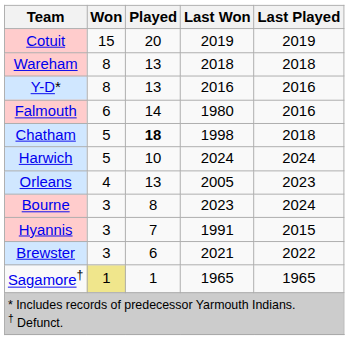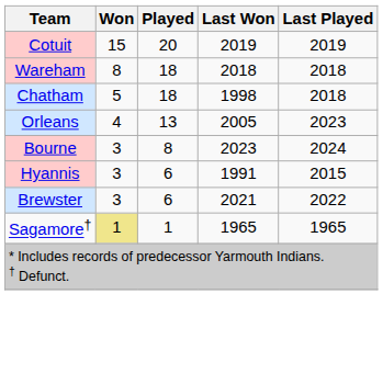 <table class="wikitable sortable" style="display: inline-table; margin-right: 20px; text-align:center">
 <tr>
 <th>Team</th>
 <th>Won</th>
 <th>Played</th>
 <th>Last Won</th>
 <th>Last Played</th>
 </tr>
 <tr>
 <td bgcolor=#ffcccc><a href='#'>Cotuit</a></td>
 <td>15</td>
 <td>20</td>
 <td>2019</td>
 <td>2019</td>
 </tr>
 <tr>
 <td bgcolor=#ffcccc><a href='#'>Wareham</a></td>
 <td>8</td>
-<td>13</td>
+<td>18</td>
 <td>2018</td>
 <td>2018</td>
 </tr>
 <tr>
-<td bgcolor=#D0E7FF><a href='#'>Y-D</a>*</td>
-<td>8</td>
-<td>13</td>
-<td>2016</td>
-<td>2016</td>
-</tr>
-<tr>
-<td bgcolor=#ffcccc><a href='#'>Falmouth</a></td>
-<td>6</td>
-<td>14</td>
-<td>1980</td>
-<td>2016</td>
-</tr>
-<tr>
 <td bgcolor=#D0E7FF><a href='#'>Chatham</a></td>
 <td>5</td>
-<td><strong>18</strong></td>
+<td>18</td>
 <td>1998</td>
 <td>2018</td>
-</tr>
-<tr>
-<td bgcolor=#D0E7FF><a href='#'>Harwich</a></td>
-<td>5</td>
-<td>10</td>
-<td>2024</td>
-<td>2024</td>
 </tr>
 <tr>
 <td bgcolor=#D0E7FF><a href='#'>Orleans</a></td>
 <td>4</td>
 <td>13</td>
 <td>2005</td>
 <td>2023</td>
 </tr>
 <tr>
 <td bgcolor=#ffcccc><a href='#'>Bourne</a></td>
 <td>3</td>
 <td>8</td>
 <td>2023</td>
 <td>2024</td>
 </tr>
 <tr>
 <td bgcolor=#ffcccc><a href='#'>Hyannis</a></td>
 <td>3</td>
-<td>7</td>
+<td>6</td>
 <td>1991</td>
 <td>2015</td>
 </tr>
 <tr>
 <td bgcolor=#D0E7FF><a href='#'>Brewster</a></td>
 <td>3</td>
 <td>6</td>
 <td>2021</td>
 <td>2022</td>
 </tr>
 <tr>
 <td><a href='#'>Sagamore</a><sup>†</sup></td>
 <td style="background: khaki;">1</td>
 <td>1</td>
 <td>1965</td>
 <td>1965</td>
 </tr>
 <tr>
 <td colspan="5" align="left" bgcolor=#cccccc><small>* Includes records of predecessor Yarmouth Indians.<br><sup>†</sup> Defunct.</small></td>
 </tr>
 <tr>
 </tr>
 </table>
